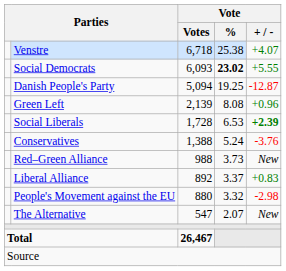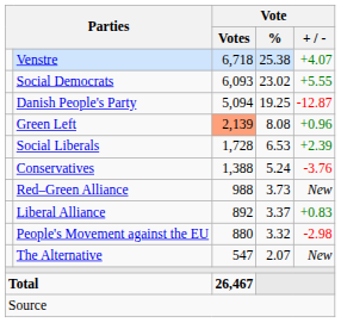 <table class="wikitable" style="text-align:right;">
 <tr>
 <th style="text-align:centre;" rowspan="2" colspan="2" width="225">Parties</th>
 <th colspan="3">Vote</th>
 </tr>
 <tr>
 <th width="15">Votes</th>
 <th width="15">%</th>
 <th width="15">+ / -</th>
 </tr>
 <tr>
 <td width="2" style="color:inherit;background:"></td>
 <td bgcolor=#cfe5fe   align="left"><a href='#'>Venstre</a></td>
 <td bgcolor=#cfe5fe>6,718</td>
 <td bgcolor=#cfe5fe>25.38</td>
 <td style=color:green;>+4.07</td>
 </tr>
 <tr>
 <td width="2" style="color:inherit;background:"></td>
 <td align="left"><a href='#'>Social Democrats</a></td>
 <td>6,093</td>
-<td><strong>23.02</strong></td>
+<td>23.02</td>
 <td style=color:green;>+5.55</td>
 </tr>
 <tr>
 <td width="2" style="color:inherit;background:"></td>
 <td align="left"><a href='#'>Danish People's Party</a></td>
 <td>5,094</td>
 <td>19.25</td>
 <td style=color:red;>-12.87</td>
 </tr>
 <tr>
 <td width="2" style="color:inherit;background:"></td>
 <td align="left"><a href='#'>Green Left</a></td>
-<td>2,139</td>
+<td style="background: lightsalmon;">2,139</td>
 <td>8.08</td>
 <td style=color:green;>+0.96</td>
 </tr>
 <tr>
 <td width="2" style="color:inherit;background:"></td>
 <td align="left"><a href='#'>Social Liberals</a></td>
 <td>1,728</td>
 <td>6.53</td>
-<td style=color:green;><strong>+2.39</strong></td>
+<td style=color:green;>+2.39</td>
 </tr>
 <tr>
 <td width="2" style="color:inherit;background:"></td>
 <td align="left"><a href='#'>Conservatives</a></td>
 <td>1,388</td>
 <td>5.24</td>
 <td style=color:red;>-3.76</td>
 </tr>
 <tr>
 <td width="2" style="color:inherit;background:"></td>
 <td align="left"><a href='#'>Red–Green Alliance</a></td>
 <td>988</td>
 <td>3.73</td>
 <td><em>New</em></td>
 </tr>
 <tr>
 <td width="2" style="color:inherit;background:"></td>
 <td align="left"><a href='#'>Liberal Alliance</a></td>
 <td>892</td>
 <td>3.37</td>
 <td style=color:green;>+0.83</td>
 </tr>
 <tr>
 <td width="2" style="color:inherit;background:"></td>
 <td align="left"><a href='#'>People's Movement against the EU</a></td>
 <td>880</td>
 <td>3.32</td>
 <td style=color:red;>-2.98</td>
 </tr>
 <tr>
 <td width="2" style="color:inherit;background:"></td>
 <td align="left"><a href='#'>The Alternative</a></td>
 <td>547</td>
 <td>2.07</td>
 <td><em>New</em></td>
 </tr>
 <tr>
 <td colspan="7" bgcolor="#E9E9E9"></td>
 </tr>
 <tr>
 <td align="left" colspan="2"><strong>Total</strong></td>
 <td><strong>26,467</strong></td>
 <td bgcolor="#E9E9E9" colspan="2"></td>
 </tr>
 <tr>
 <td align="left" colspan="6">Source</td>
 </tr>
 </table>
